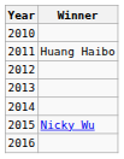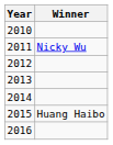 <table class="wikitable">
 <tr>
 <th>Year</th>
 <th>Winner</th>
 </tr>
 <tr>
 <td>2010</td>
 <td></td>
 </tr>
 <tr>
 <td>2011</td>
-<td>Huang Haibo</td>
+<td><a href='#'>Nicky Wu</a></td>
 </tr>
 <tr>
 <td>2012</td>
 <td></td>
 </tr>
 <tr>
 <td>2013</td>
 <td></td>
 </tr>
 <tr>
 <td>2014</td>
 <td></td>
 </tr>
 <tr>
 <td>2015</td>
-<td><a href='#'>Nicky Wu</a></td>
+<td>Huang Haibo</td>
 </tr>
 <tr>
 <td>2016</td>
 <td></td>
 </tr>
 </table>
